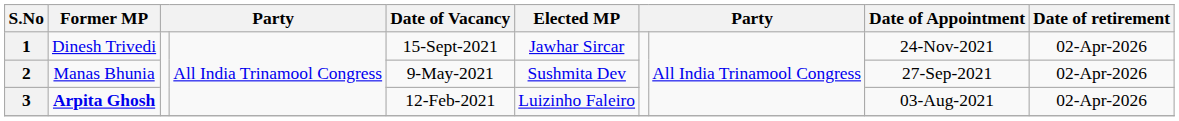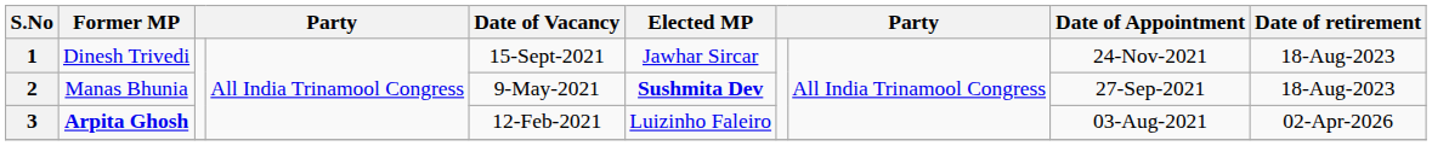 <table class="wikitable sortable">
 <tr>
 <th>S.No</th>
 <th>Former MP</th>
 <th colspan="2">Party</th>
 <th>Date of Vacancy</th>
 <th>Elected MP</th>
 <th colspan="2">Party</th>
 <th><strong>Date of Appointment</strong></th>
 <th>Date of retirement</th>
 </tr>
 <tr style="text-align:center;">
 <th>1</th>
 <td><a href='#'>Dinesh Trivedi</a></td>
 <td rowspan="3" width="1px"></td>
 <td rowspan="3"><a href='#'>All India Trinamool Congress</a></td>
 <td>15-Sept-2021</td>
 <td><a href='#'>Jawhar Sircar</a></td>
 <td rowspan="3" width="1px"></td>
 <td rowspan="3"><a href='#'>All India Trinamool Congress</a></td>
 <td>24-Nov-2021</td>
-<td>02-Apr-2026</td>
+<td>18-Aug-2023</td>
 </tr>
 <tr style="text-align:center;">
 <th>2</th>
 <td><a href='#'>Manas Bhunia</a></td>
 <td>9-May-2021</td>
-<td><a href='#'>Sushmita Dev</a></td>
+<td><strong><a href='#'>Sushmita Dev</a></strong></td>
 <td>27-Sep-2021</td>
-<td>02-Apr-2026</td>
+<td>18-Aug-2023</td>
 </tr>
 <tr style="text-align:center;">
 <th>3</th>
 <td><strong><a href='#'>Arpita Ghosh</a></strong></td>
 <td>12-Feb-2021</td>
 <td><a href='#'>Luizinho Faleiro</a></td>
 <td>03-Aug-2021</td>
 <td>02-Apr-2026</td>
 </tr>
 <tr style="text-align:center;">
 </tr>
 </table>
